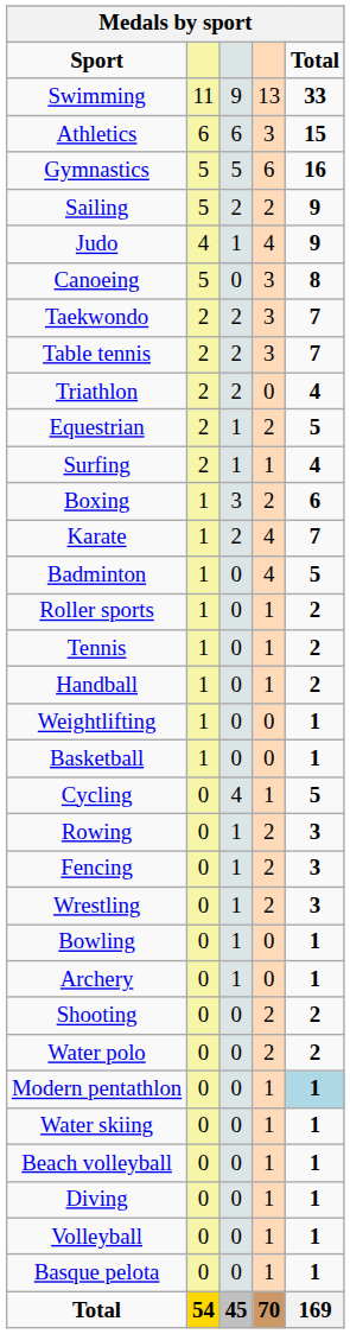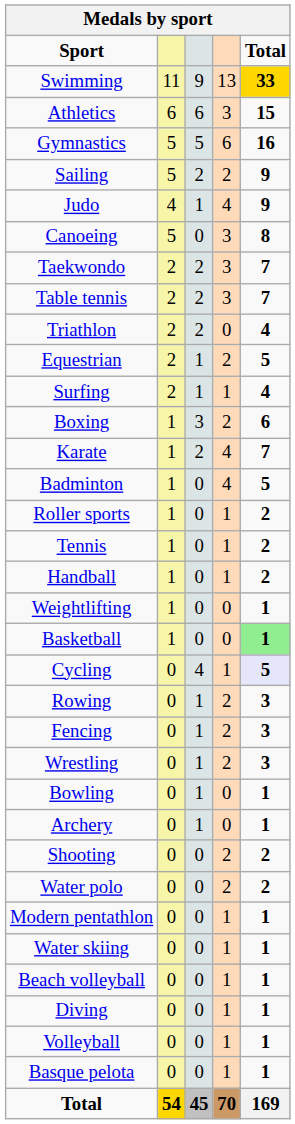 <table class="wikitable" style="font-size:85%; float:right;">
 <tr style="background:#efefef;">
 <th colspan=7><strong>Medals by sport</strong></th>
 </tr>
 <tr align=center>
 <td><strong>Sport</strong></td>
 <td bgcolor=#f7f6a8></td>
 <td bgcolor=#dce5e5></td>
 <td bgcolor=#ffdab9></td>
 <td><strong>Total</strong></td>
 </tr>
 <tr align=center>
 <td><a href='#'>Swimming</a></td>
 <td style="background:#F7F6A8;">11</td>
 <td style="background:#DCE5E5;">9</td>
 <td style="background:#FFDAB9;">13</td>
-<td><strong>33</strong></td>
+<td style="background: gold;"><strong>33</strong></td>
 </tr>
 <tr align=center>
 <td><a href='#'>Athletics</a></td>
 <td style="background:#F7F6A8;">6</td>
 <td style="background:#DCE5E5;">6</td>
 <td style="background:#FFDAB9;">3</td>
 <td><strong>15</strong></td>
 </tr>
 <tr align=center>
 <td><a href='#'>Gymnastics</a></td>
 <td style="background:#F7F6A8;">5</td>
 <td style="background:#DCE5E5;">5</td>
 <td style="background:#FFDAB9;">6</td>
 <td><strong>16</strong></td>
 </tr>
 <tr align=center>
 <td><a href='#'>Sailing</a></td>
 <td style="background:#F7F6A8;">5</td>
 <td style="background:#DCE5E5;">2</td>
 <td style="background:#FFDAB9;">2</td>
 <td><strong>9</strong></td>
 </tr>
 <tr align=center>
 <td><a href='#'>Judo</a></td>
 <td style="background:#F7F6A8;">4</td>
 <td style="background:#DCE5E5;">1</td>
 <td style="background:#FFDAB9;">4</td>
 <td><strong>9</strong></td>
 </tr>
 <tr align=center>
 <td><a href='#'>Canoeing</a></td>
 <td style="background:#F7F6A8;">5</td>
 <td style="background:#DCE5E5;">0</td>
 <td style="background:#FFDAB9;">3</td>
 <td><strong>8</strong></td>
 </tr>
 <tr align=center>
 <td><a href='#'>Taekwondo</a></td>
 <td style="background:#F7F6A8;">2</td>
 <td style="background:#DCE5E5;">2</td>
 <td style="background:#FFDAB9;">3</td>
 <td><strong>7</strong></td>
 </tr>
 <tr align=center>
 <td><a href='#'>Table tennis</a></td>
 <td style="background:#F7F6A8;">2</td>
 <td style="background:#DCE5E5;">2</td>
 <td style="background:#FFDAB9;">3</td>
 <td><strong>7</strong></td>
 </tr>
 <tr align=center>
 <td><a href='#'>Triathlon</a></td>
 <td style="background:#F7F6A8;">2</td>
 <td style="background:#DCE5E5;">2</td>
 <td style="background:#FFDAB9;">0</td>
 <td><strong>4</strong></td>
 </tr>
 <tr align=center>
 <td><a href='#'>Equestrian</a></td>
 <td style="background:#F7F6A8;">2</td>
 <td style="background:#DCE5E5;">1</td>
 <td style="background:#FFDAB9;">2</td>
 <td><strong>5</strong></td>
 </tr>
 <tr align=center>
 <td><a href='#'>Surfing</a></td>
 <td style="background:#F7F6A8;">2</td>
 <td style="background:#DCE5E5;">1</td>
 <td style="background:#FFDAB9;">1</td>
 <td><strong>4</strong></td>
 </tr>
 <tr align=center>
 <td><a href='#'>Boxing</a></td>
 <td style="background:#F7F6A8;">1</td>
 <td style="background:#DCE5E5;">3</td>
 <td style="background:#FFDAB9;">2</td>
 <td><strong>6</strong></td>
 </tr>
 <tr align=center>
 <td><a href='#'>Karate</a></td>
 <td style="background:#F7F6A8;">1</td>
 <td style="background:#DCE5E5;">2</td>
 <td style="background:#FFDAB9;">4</td>
 <td><strong>7</strong></td>
 </tr>
 <tr align=center>
 <td><a href='#'>Badminton</a></td>
 <td style="background:#F7F6A8;">1</td>
 <td style="background:#DCE5E5;">0</td>
 <td style="background:#FFDAB9;">4</td>
 <td><strong>5</strong></td>
 </tr>
 <tr align=center>
 <td><a href='#'>Roller sports</a></td>
 <td style="background:#F7F6A8;">1</td>
 <td style="background:#DCE5E5;">0</td>
 <td style="background:#FFDAB9;">1</td>
 <td><strong>2</strong></td>
 </tr>
 <tr align=center>
 <td><a href='#'>Tennis</a></td>
 <td style="background:#F7F6A8;">1</td>
 <td style="background:#DCE5E5;">0</td>
 <td style="background:#FFDAB9;">1</td>
 <td><strong>2</strong></td>
 </tr>
 <tr align=center>
 <td><a href='#'>Handball</a></td>
 <td style="background:#F7F6A8;">1</td>
 <td style="background:#DCE5E5;">0</td>
 <td style="background:#FFDAB9;">1</td>
 <td><strong>2</strong></td>
 </tr>
 <tr align=center>
 <td><a href='#'>Weightlifting</a></td>
 <td style="background:#F7F6A8;">1</td>
 <td style="background:#DCE5E5;">0</td>
 <td style="background:#FFDAB9;">0</td>
 <td><strong>1</strong></td>
 </tr>
 <tr align=center>
 <td><a href='#'>Basketball</a></td>
 <td style="background:#F7F6A8;">1</td>
 <td style="background:#DCE5E5;">0</td>
 <td style="background:#FFDAB9;">0</td>
-<td><strong>1</strong></td>
+<td style="background: lightgreen;"><strong>1</strong></td>
 </tr>
 <tr align=center>
 <td><a href='#'>Cycling</a></td>
 <td style="background:#F7F6A8;">0</td>
 <td style="background:#DCE5E5;">4</td>
 <td style="background:#FFDAB9;">1</td>
-<td><strong>5</strong></td>
+<td style="background: lavender;"><strong>5</strong></td>
 </tr>
 <tr align=center>
 <td><a href='#'>Rowing</a></td>
 <td style="background:#F7F6A8;">0</td>
 <td style="background:#DCE5E5;">1</td>
 <td style="background:#FFDAB9;">2</td>
 <td><strong>3</strong></td>
 </tr>
 <tr align=center>
 <td><a href='#'>Fencing</a></td>
 <td style="background:#F7F6A8;">0</td>
 <td style="background:#DCE5E5;">1</td>
 <td style="background:#FFDAB9;">2</td>
 <td><strong>3</strong></td>
 </tr>
 <tr align=center>
 <td><a href='#'>Wrestling</a></td>
 <td style="background:#F7F6A8;">0</td>
 <td style="background:#DCE5E5;">1</td>
 <td style="background:#FFDAB9;">2</td>
 <td><strong>3</strong></td>
 </tr>
 <tr align=center>
 <td><a href='#'>Bowling</a></td>
 <td style="background:#F7F6A8;">0</td>
 <td style="background:#DCE5E5;">1</td>
 <td style="background:#FFDAB9;">0</td>
 <td><strong>1</strong></td>
 </tr>
 <tr align=center>
 <td><a href='#'>Archery</a></td>
 <td style="background:#F7F6A8;">0</td>
 <td style="background:#DCE5E5;">1</td>
 <td style="background:#FFDAB9;">0</td>
 <td><strong>1</strong></td>
 </tr>
 <tr align=center>
 <td><a href='#'>Shooting</a></td>
 <td style="background:#F7F6A8;">0</td>
 <td style="background:#DCE5E5;">0</td>
 <td style="background:#FFDAB9;">2</td>
 <td><strong>2</strong></td>
 </tr>
 <tr align=center>
 <td><a href='#'>Water polo</a></td>
 <td style="background:#F7F6A8;">0</td>
 <td style="background:#DCE5E5;">0</td>
 <td style="background:#FFDAB9;">2</td>
 <td><strong>2</strong></td>
 </tr>
 <tr align=center>
 <td><a href='#'>Modern pentathlon</a></td>
 <td style="background:#F7F6A8;">0</td>
 <td style="background:#DCE5E5;">0</td>
 <td style="background:#FFDAB9;">1</td>
-<td style="background: lightblue;"><strong>1</strong></td>
+<td><strong>1</strong></td>
 </tr>
 <tr align=center>
 <td><a href='#'>Water skiing</a></td>
 <td style="background:#F7F6A8;">0</td>
 <td style="background:#DCE5E5;">0</td>
 <td style="background:#FFDAB9;">1</td>
 <td><strong>1</strong></td>
 </tr>
 <tr align=center>
 <td><a href='#'>Beach volleyball</a></td>
 <td style="background:#F7F6A8;">0</td>
 <td style="background:#DCE5E5;">0</td>
 <td style="background:#FFDAB9;">1</td>
 <td><strong>1</strong></td>
 </tr>
 <tr align=center>
 <td><a href='#'>Diving</a></td>
 <td style="background:#F7F6A8;">0</td>
 <td style="background:#DCE5E5;">0</td>
 <td style="background:#FFDAB9;">1</td>
 <td><strong>1</strong></td>
 </tr>
 <tr align=center>
 <td><a href='#'>Volleyball</a></td>
 <td style="background:#F7F6A8;">0</td>
 <td style="background:#DCE5E5;">0</td>
 <td style="background:#FFDAB9;">1</td>
 <td><strong>1</strong></td>
 </tr>
 <tr align=center>
 <td><a href='#'>Basque pelota</a></td>
 <td style="background:#F7F6A8;">0</td>
 <td style="background:#DCE5E5;">0</td>
 <td style="background:#FFDAB9;">1</td>
 <td><strong>1</strong></td>
 </tr>
 <tr align=center>
 <td><strong>Total</strong></td>
 <th style="background:gold;"><strong>54</strong></th>
 <th style="background:silver;"><strong>45</strong></th>
 <th style="background:#c96;"><strong>70</strong></th>
 <th><strong>169</strong></th>
 </tr>
 </table>
